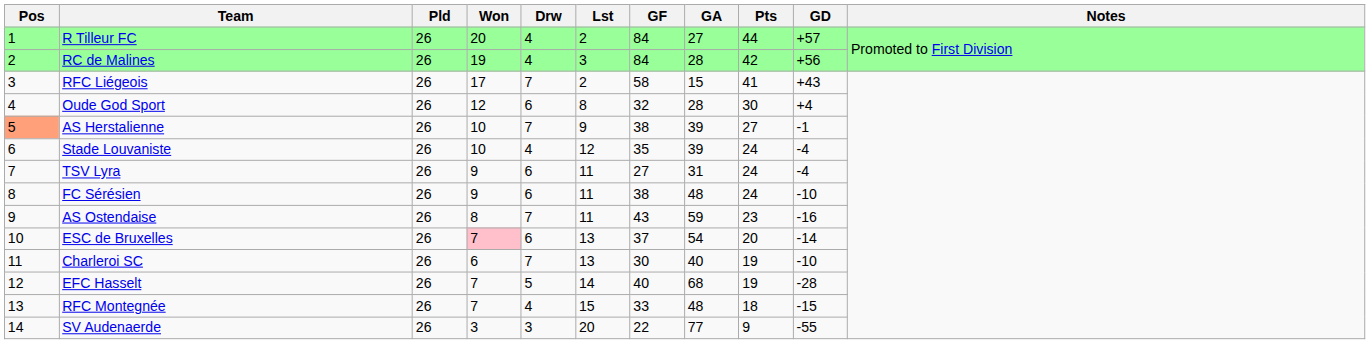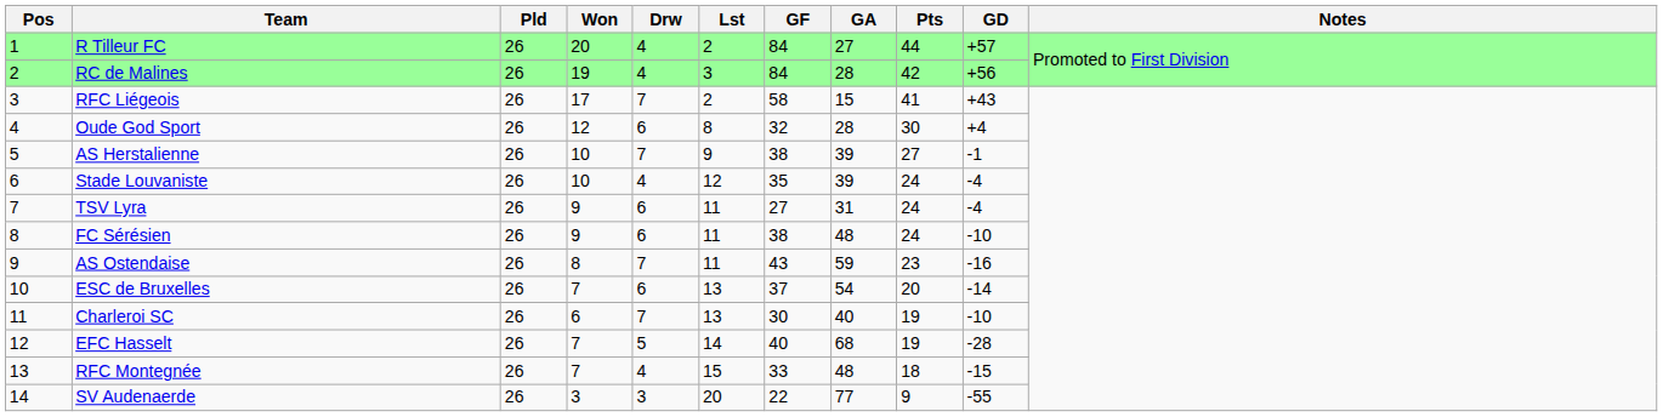 <table class="wikitable" width=70% style="font-size:90%">
 <tr>
 <th width=4%><strong>Pos</strong></th>
 <th width=26%><strong>Team</strong></th>
 <th width=4%><strong>Pld</strong></th>
 <th width=4%><strong>Won</strong></th>
 <th width=4%><strong>Drw</strong></th>
 <th width=4%><strong>Lst</strong></th>
 <th width=4%><strong>GF</strong></th>
 <th width=4%><strong>GA</strong></th>
 <th width=4%><strong>Pts</strong></th>
 <th width=4%><strong>GD</strong></th>
 <th width=38%><strong>Notes</strong></th>
 </tr>
 <tr bgcolor=#99ff99>
 <td>1</td>
 <td><a href='#'>R Tilleur FC</a></td>
 <td>26</td>
 <td>20</td>
 <td>4</td>
 <td>2</td>
 <td>84</td>
 <td>27</td>
 <td>44</td>
 <td>+57</td>
 <td rowspan=2>Promoted to <a href='#'>First Division</a></td>
 </tr>
 <tr bgcolor=#99ff99>
 <td>2</td>
 <td><a href='#'>RC de Malines</a></td>
 <td>26</td>
 <td>19</td>
 <td>4</td>
 <td>3</td>
 <td>84</td>
 <td>28</td>
 <td>42</td>
 <td>+56</td>
 </tr>
 <tr>
 <td>3</td>
 <td><a href='#'>RFC Liégeois</a></td>
 <td>26</td>
 <td>17</td>
 <td>7</td>
 <td>2</td>
 <td>58</td>
 <td>15</td>
 <td>41</td>
 <td>+43</td>
 </tr>
 <tr>
 <td>4</td>
 <td><a href='#'>Oude God Sport</a></td>
 <td>26</td>
 <td>12</td>
 <td>6</td>
 <td>8</td>
 <td>32</td>
 <td>28</td>
 <td>30</td>
 <td>+4</td>
 </tr>
 <tr>
-<td style="background: lightsalmon;">5</td>
+<td>5</td>
 <td><a href='#'>AS Herstalienne</a></td>
 <td>26</td>
 <td>10</td>
 <td>7</td>
 <td>9</td>
 <td>38</td>
 <td>39</td>
 <td>27</td>
 <td>-1</td>
 </tr>
 <tr>
 <td>6</td>
 <td><a href='#'>Stade Louvaniste</a></td>
 <td>26</td>
 <td>10</td>
 <td>4</td>
 <td>12</td>
 <td>35</td>
 <td>39</td>
 <td>24</td>
 <td>-4</td>
 </tr>
 <tr>
 <td>7</td>
 <td><a href='#'>TSV Lyra</a></td>
 <td>26</td>
 <td>9</td>
 <td>6</td>
 <td>11</td>
 <td>27</td>
 <td>31</td>
 <td>24</td>
 <td>-4</td>
 </tr>
 <tr>
 <td>8</td>
 <td><a href='#'>FC Sérésien</a></td>
 <td>26</td>
 <td>9</td>
 <td>6</td>
 <td>11</td>
 <td>38</td>
 <td>48</td>
 <td>24</td>
 <td>-10</td>
 </tr>
 <tr>
 <td>9</td>
 <td><a href='#'>AS Ostendaise</a></td>
 <td>26</td>
 <td>8</td>
 <td>7</td>
 <td>11</td>
 <td>43</td>
 <td>59</td>
 <td>23</td>
 <td>-16</td>
 </tr>
 <tr>
 <td>10</td>
 <td><a href='#'>ESC de Bruxelles</a></td>
 <td>26</td>
-<td style="background: pink;">7</td>
+<td>7</td>
 <td>6</td>
 <td>13</td>
 <td>37</td>
 <td>54</td>
 <td>20</td>
 <td>-14</td>
 </tr>
 <tr>
 <td>11</td>
 <td><a href='#'>Charleroi SC</a></td>
 <td>26</td>
 <td>6</td>
 <td>7</td>
 <td>13</td>
 <td>30</td>
 <td>40</td>
 <td>19</td>
 <td>-10</td>
 </tr>
 <tr>
 <td>12</td>
 <td><a href='#'>EFC Hasselt</a></td>
 <td>26</td>
 <td>7</td>
 <td>5</td>
 <td>14</td>
 <td>40</td>
 <td>68</td>
 <td>19</td>
 <td>-28</td>
 </tr>
 <tr>
 <td>13</td>
 <td><a href='#'>RFC Montegnée</a></td>
 <td>26</td>
 <td>7</td>
 <td>4</td>
 <td>15</td>
 <td>33</td>
 <td>48</td>
 <td>18</td>
 <td>-15</td>
 </tr>
 <tr>
 <td>14</td>
 <td><a href='#'>SV Audenaerde</a></td>
 <td>26</td>
 <td>3</td>
 <td>3</td>
 <td>20</td>
 <td>22</td>
 <td>77</td>
 <td>9</td>
 <td>-55</td>
 </tr>
 </table>
